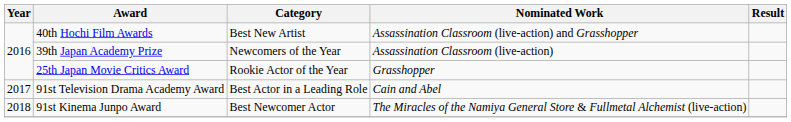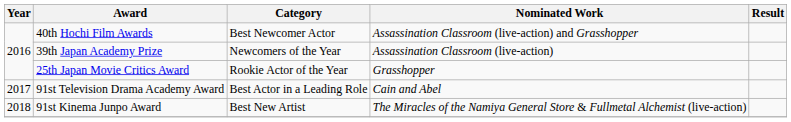 <table class="wikitable sortable">
 <tr>
 <th>Year</th>
 <th>Award</th>
 <th>Category</th>
 <th>Nominated Work</th>
 <th>Result</th>
 </tr>
 <tr>
 <td rowspan="3">2016</td>
 <td>40th <a href='#'>Hochi Film Awards</a></td>
-<td>Best New Artist</td>
+<td>Best Newcomer Actor</td>
 <td><em>Assassination Classroom</em> (live-action) and <em>Grasshopper</em></td>
 <td></td>
 </tr>
 <tr>
 <td>39th <a href='#'>Japan Academy Prize</a></td>
 <td>Newcomers of the Year</td>
 <td><em>Assassination Classroom</em> (live-action)</td>
 <td></td>
 </tr>
 <tr>
 <td><a href='#'>25th Japan Movie Critics Award</a></td>
 <td>Rookie Actor of the Year</td>
 <td><em>Grasshopper</em></td>
 <td></td>
 </tr>
 <tr>
 <td>2017</td>
 <td>91st Television Drama Academy Award</td>
 <td>Best Actor in a Leading Role</td>
 <td><em>Cain and Abel</em></td>
 <td></td>
 </tr>
 <tr>
 <td>2018</td>
 <td>91st Kinema Junpo Award</td>
-<td>Best Newcomer Actor</td>
+<td>Best New Artist</td>
 <td><em>The Miracles of the Namiya General Store</em> & <em>Fullmetal Alchemist</em> (live-action)</td>
 <td></td>
 </tr>
 <tr>
 </tr>
 </table>
